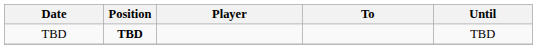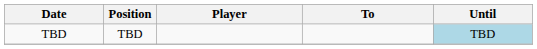 <table class="wikitable" style="text-align: center;">
 <tr>
 <th width=120>Date</th>
 <th width=60>Position</th>
 <th width=180>Player</th>
 <th width=160>To</th>
 <th width=120>Until</th>
 </tr>
 <tr>
 <td>TBD</td>
-<td><strong>TBD</strong></td>
+<td>TBD</td>
 <td style="text-align:left;"></td>
 <td style="text-align:left;"></td>
-<td>TBD</td>
+<td style="background: lightblue;">TBD</td>
 </tr>
 <tr>
 </tr>
 </table>
